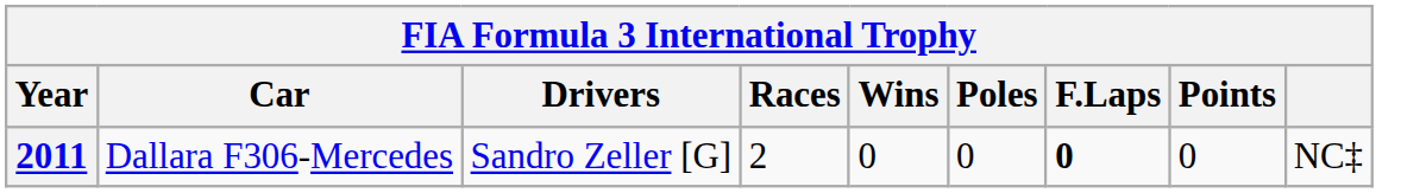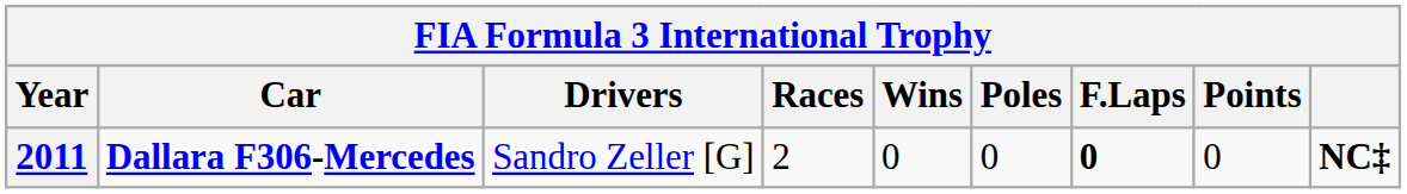 <table class="wikitable" style="font-size:85%">
 <tr>
 <th colspan="9" align="center"><a href='#'>FIA Formula 3 International Trophy</a></th>
 </tr>
 <tr>
 <th>Year</th>
 <th>Car</th>
 <th>Drivers</th>
 <th>Races</th>
 <th>Wins</th>
 <th>Poles</th>
 <th>F.Laps</th>
 <th>Points</th>
 <th></th>
 </tr>
 <tr>
 <th rowspan="1"><a href='#'>2011</a></th>
-<td rowspan="1"><a href='#'>Dallara F306</a>-<a href='#'>Mercedes</a></td>
+<td rowspan="1"><strong><a href='#'>Dallara F306</a>-<a href='#'>Mercedes</a></strong></td>
 <td> <a href='#'>Sandro Zeller</a> [G]</td>
 <td>2</td>
 <td>0</td>
 <td>0</td>
 <td><strong>0</strong></td>
 <td>0</td>
-<td>NC‡</td>
+<td><strong>NC‡</strong></td>
 </tr>
 </table>
